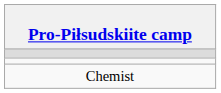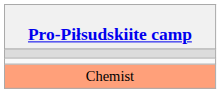 <table class="wikitable" style="font-size:90%; text-align:center;">
 <tr>
 <td style="background:#f1f1f1;" colspan="30"><br><big><strong><a href='#'>Pro-Piłsudskiite camp</a></strong></big></td>
 </tr>
 <tr>
 <th style="width:3em; font-size:135%; background:#DCDCDC ; width:200px;"><a href='#'></a></th>
 </tr>
 <tr>
 <td style="text-align:center"></td>
 </tr>
 <tr>
-<td>Chemist</td>
+<td style="background: lightsalmon;">Chemist</td>
 </tr>
 </table>
